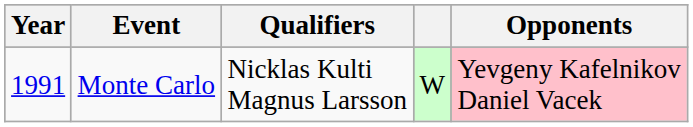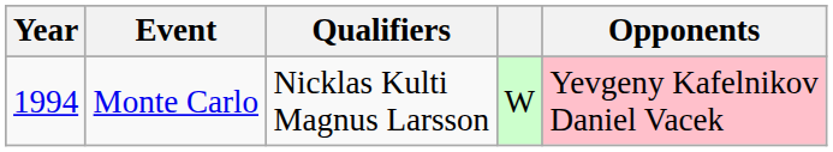 <table class="wikitable">
 <tr>
 <th scope="col">Year</th>
 <th scope="col">Event</th>
 <th scope="col">Qualifiers</th>
 <th scope="col"></th>
 <th scope="col">Opponents</th>
 </tr>
 <tr>
-<td><a href='#'>1991</a></td>
+<td><a href='#'>1994</a></td>
 <td><a href='#'>Monte Carlo</a></td>
 <td> Nicklas Kulti <br>  Magnus Larsson</td>
 <td style="text-align:center; background:#CCFFCC">W</td>
 <td style="background: pink;"> Yevgeny Kafelnikov <br>  Daniel Vacek</td>
 </tr>
 </table>
